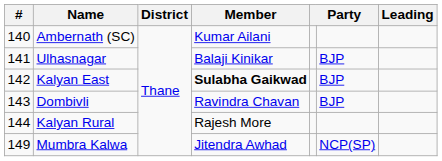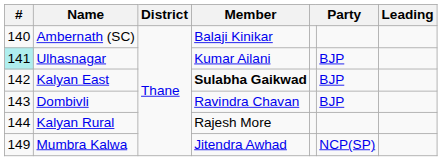 <table class="wikitable">
 <tr>
 <th>#</th>
 <th>Name</th>
 <th>District</th>
 <th>Member</th>
 <th colspan="2">Party</th>
 <th colspan=2>Leading<br></th>
 </tr>
 <tr>
 <td>140</td>
 <td><a href='#'>Ambernath</a> (SC)</td>
 <td rowspan="6"><a href='#'>Thane</a></td>
-<td><a href='#'>Kumar Ailani</a></td>
+<td><a href='#'>Balaji Kinikar</a></td>
 <td></td>
 <td></td>
 </tr>
 <tr>
-<td>141</td>
+<td style="background: paleturquoise;">141</td>
 <td><a href='#'>Ulhasnagar</a></td>
-<td><a href='#'>Balaji Kinikar</a></td>
+<td><a href='#'>Kumar Ailani</a></td>
 <td></td>
 <td><a href='#'>BJP</a></td>
 <td></td>
 </tr>
 <tr>
 <td>142</td>
 <td><a href='#'>Kalyan East</a></td>
 <td><strong>Sulabha Gaikwad</strong></td>
 <td></td>
 <td><a href='#'>BJP</a></td>
 <td></td>
 </tr>
 <tr>
 <td>143</td>
 <td><a href='#'>Dombivli</a></td>
 <td><a href='#'>Ravindra Chavan</a></td>
 <td></td>
 <td><a href='#'>BJP</a></td>
 <td></td>
 </tr>
 <tr>
 <td>144</td>
 <td><a href='#'>Kalyan Rural</a></td>
 <td>Rajesh More</td>
 <td></td>
 <td></td>
 </tr>
 <tr>
 <td>149</td>
 <td><a href='#'>Mumbra Kalwa</a></td>
 <td><a href='#'>Jitendra Awhad</a></td>
 <td></td>
 <td><a href='#'>NCP(SP)</a></td>
 <td></td>
 </tr>
 </table>
